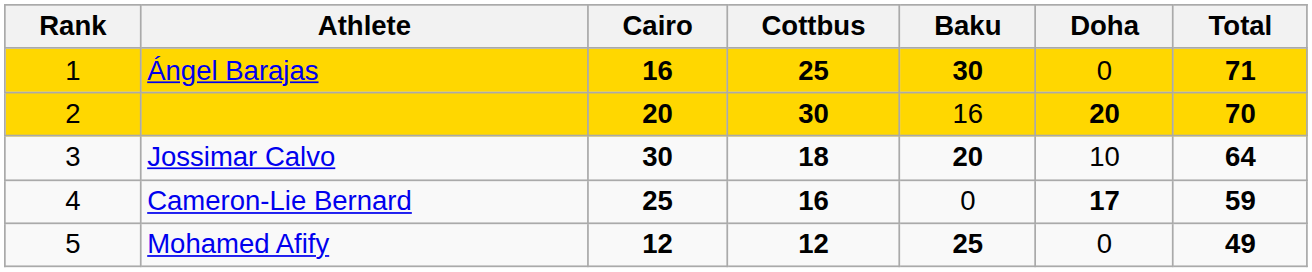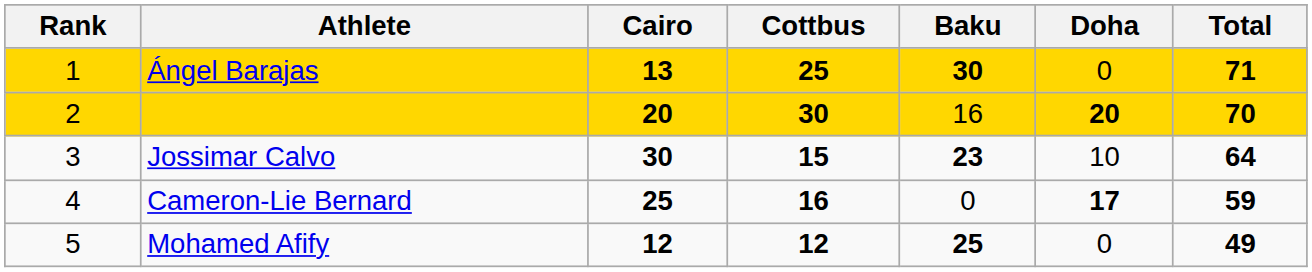 <table style="width:60%;" class="wikitable">
 <tr>
 <th style="text-align:center; width:6%;">Rank</th>
 <th style="text-align:center; width:20%;">Athlete</th>
 <th style="text-align:center; width:6%;"> Cairo</th>
 <th style="text-align:center; width:6%;"> Cottbus</th>
 <th style="text-align:center; width:6%;"> Baku</th>
 <th style="text-align:center; width:6%;"> Doha</th>
 <th style="text-align:center; width:6%;">Total</th>
 </tr>
 <tr scope=row style="text-align:center" bgcolor=gold>
 <td>1</td>
 <td align=left> <a href='#'>Ángel Barajas</a></td>
-<td><strong>16</strong></td>
+<td><strong>13</strong></td>
 <td><strong>25</strong></td>
 <td><strong>30</strong></td>
 <td>0</td>
 <td><strong>71</strong></td>
 </tr>
 <tr scope=row style="text-align:center" bgcolor=gold>
 <td>2</td>
 <td align=left></td>
 <td><strong>20</strong></td>
 <td><strong>30</strong></td>
 <td>16</td>
 <td><strong>20</strong></td>
 <td><strong>70</strong></td>
 </tr>
 <tr scope=row style="text-align:center">
 <td>3</td>
 <td align=left> <a href='#'>Jossimar Calvo</a></td>
 <td><strong>30</strong></td>
-<td><strong>18</strong></td>
-<td><strong>20</strong></td>
+<td><strong>15</strong></td>
+<td><strong>23</strong></td>
 <td>10</td>
 <td><strong>64</strong></td>
 </tr>
 <tr scope=row style="text-align:center">
 <td>4</td>
 <td align=left> <a href='#'>Cameron-Lie Bernard</a></td>
 <td><strong>25</strong></td>
 <td><strong>16</strong></td>
 <td>0</td>
 <td><strong>17</strong></td>
 <td><strong>59</strong></td>
 </tr>
 <tr scope=row style="text-align:center">
 <td>5</td>
 <td align=left> <a href='#'>Mohamed Afify</a></td>
 <td><strong>12</strong></td>
 <td><strong>12</strong></td>
 <td><strong>25</strong></td>
 <td>0</td>
 <td><strong>49</strong></td>
 </tr>
 </table>
